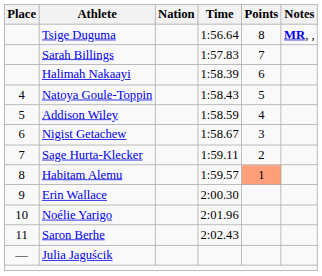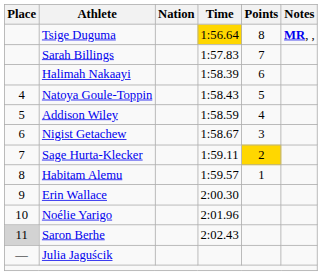 <table class="wikitable mw-datatable sortable" style="text-align:center;">
 <tr>
 <th scope="col">Place</th>
 <th scope="col">Athlete</th>
 <th scope="col">Nation</th>
 <th scope="col">Time</th>
 <th scope="col">Points</th>
 <th scope="col">Notes</th>
 </tr>
 <tr>
 <td></td>
 <td align="left"><a href='#'>Tsige Duguma</a></td>
 <td align="left"></td>
-<td>1:56.64</td>
+<td style="background: gold;">1:56.64</td>
 <td>8</td>
 <td><strong><a href='#'>MR</a></strong>, <strong></strong>, </td>
 </tr>
 <tr>
 <td></td>
 <td align="left"><a href='#'>Sarah Billings</a></td>
 <td align="left"></td>
 <td>1:57.83</td>
 <td>7</td>
 <td></td>
 </tr>
 <tr>
 <td></td>
 <td align="left"><a href='#'>Halimah Nakaayi</a></td>
 <td align="left"></td>
 <td>1:58.39</td>
 <td>6</td>
 <td></td>
 </tr>
 <tr>
 <td>4</td>
 <td align="left"><a href='#'>Natoya Goule-Toppin</a></td>
 <td align="left"></td>
 <td>1:58.43</td>
 <td>5</td>
 <td></td>
 </tr>
 <tr>
 <td>5</td>
 <td align="left"><a href='#'>Addison Wiley</a></td>
 <td align="left"></td>
 <td>1:58.59</td>
 <td>4</td>
 <td></td>
 </tr>
 <tr>
 <td>6</td>
 <td align="left"><a href='#'>Nigist Getachew</a></td>
 <td align="left"></td>
 <td>1:58.67</td>
 <td>3</td>
 <td></td>
 </tr>
 <tr>
 <td>7</td>
 <td align="left"><a href='#'>Sage Hurta-Klecker</a></td>
 <td align="left"></td>
 <td>1:59.11</td>
-<td>2</td>
+<td style="background: gold;">2</td>
 <td></td>
 </tr>
 <tr>
 <td>8</td>
 <td align="left"><a href='#'>Habitam Alemu</a></td>
 <td align="left"></td>
 <td>1:59.57</td>
-<td style="background: lightsalmon;">1</td>
+<td>1</td>
 <td></td>
 </tr>
 <tr>
 <td>9</td>
 <td align="left"><a href='#'>Erin Wallace</a></td>
 <td align="left"></td>
 <td>2:00.30</td>
 <td></td>
 <td></td>
 </tr>
 <tr>
 <td>10</td>
 <td align="left"><a href='#'>Noélie Yarigo</a></td>
 <td align="left"></td>
 <td>2:01.96</td>
 <td></td>
 <td></td>
 </tr>
 <tr>
-<td>11</td>
+<td style="background: lightgrey;">11</td>
 <td align="left"><a href='#'>Saron Berhe</a></td>
 <td align="left"></td>
 <td>2:02.43</td>
 <td></td>
 <td></td>
 </tr>
 <tr>
 <td>—</td>
 <td align="left"><a href='#'>Julia Jaguścik</a></td>
 <td align="left"></td>
 <td></td>
 <td></td>
 <td></td>
 </tr>
 <tr class="sortbottom">
 <td colspan="6"></td>
 </tr>
 </table>
